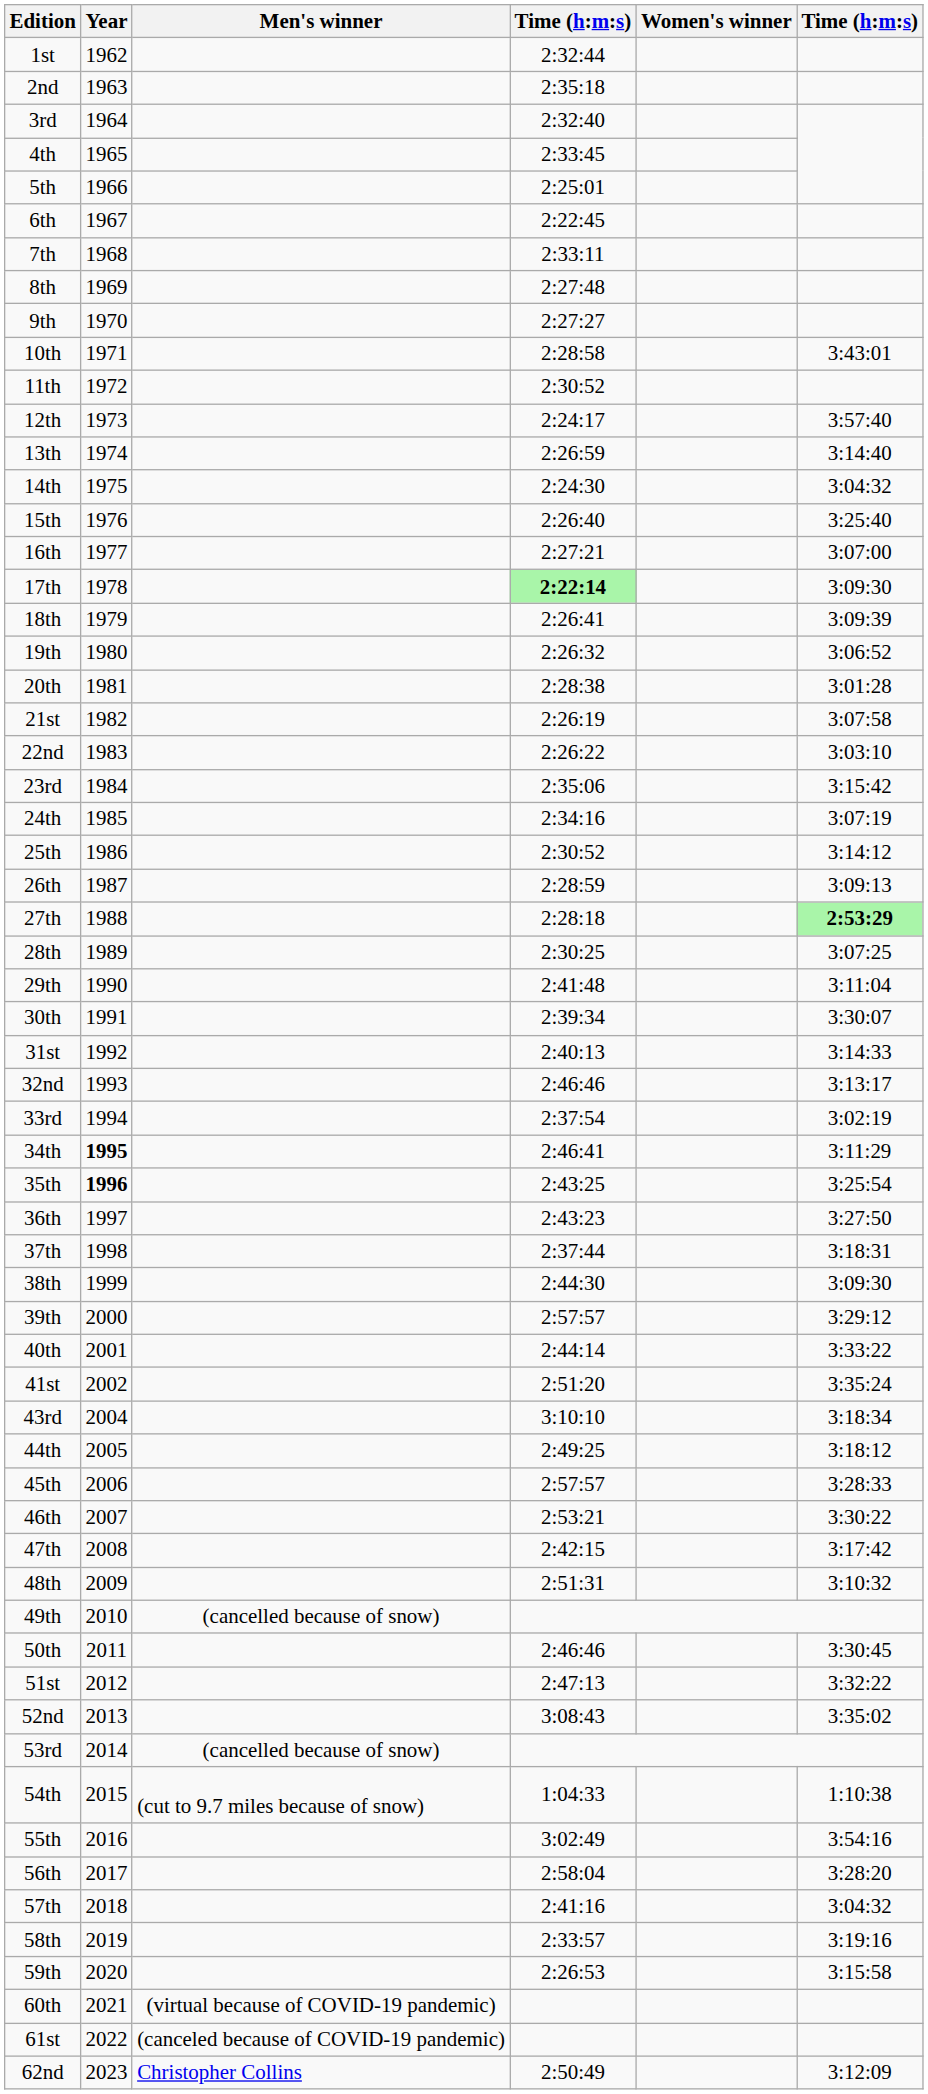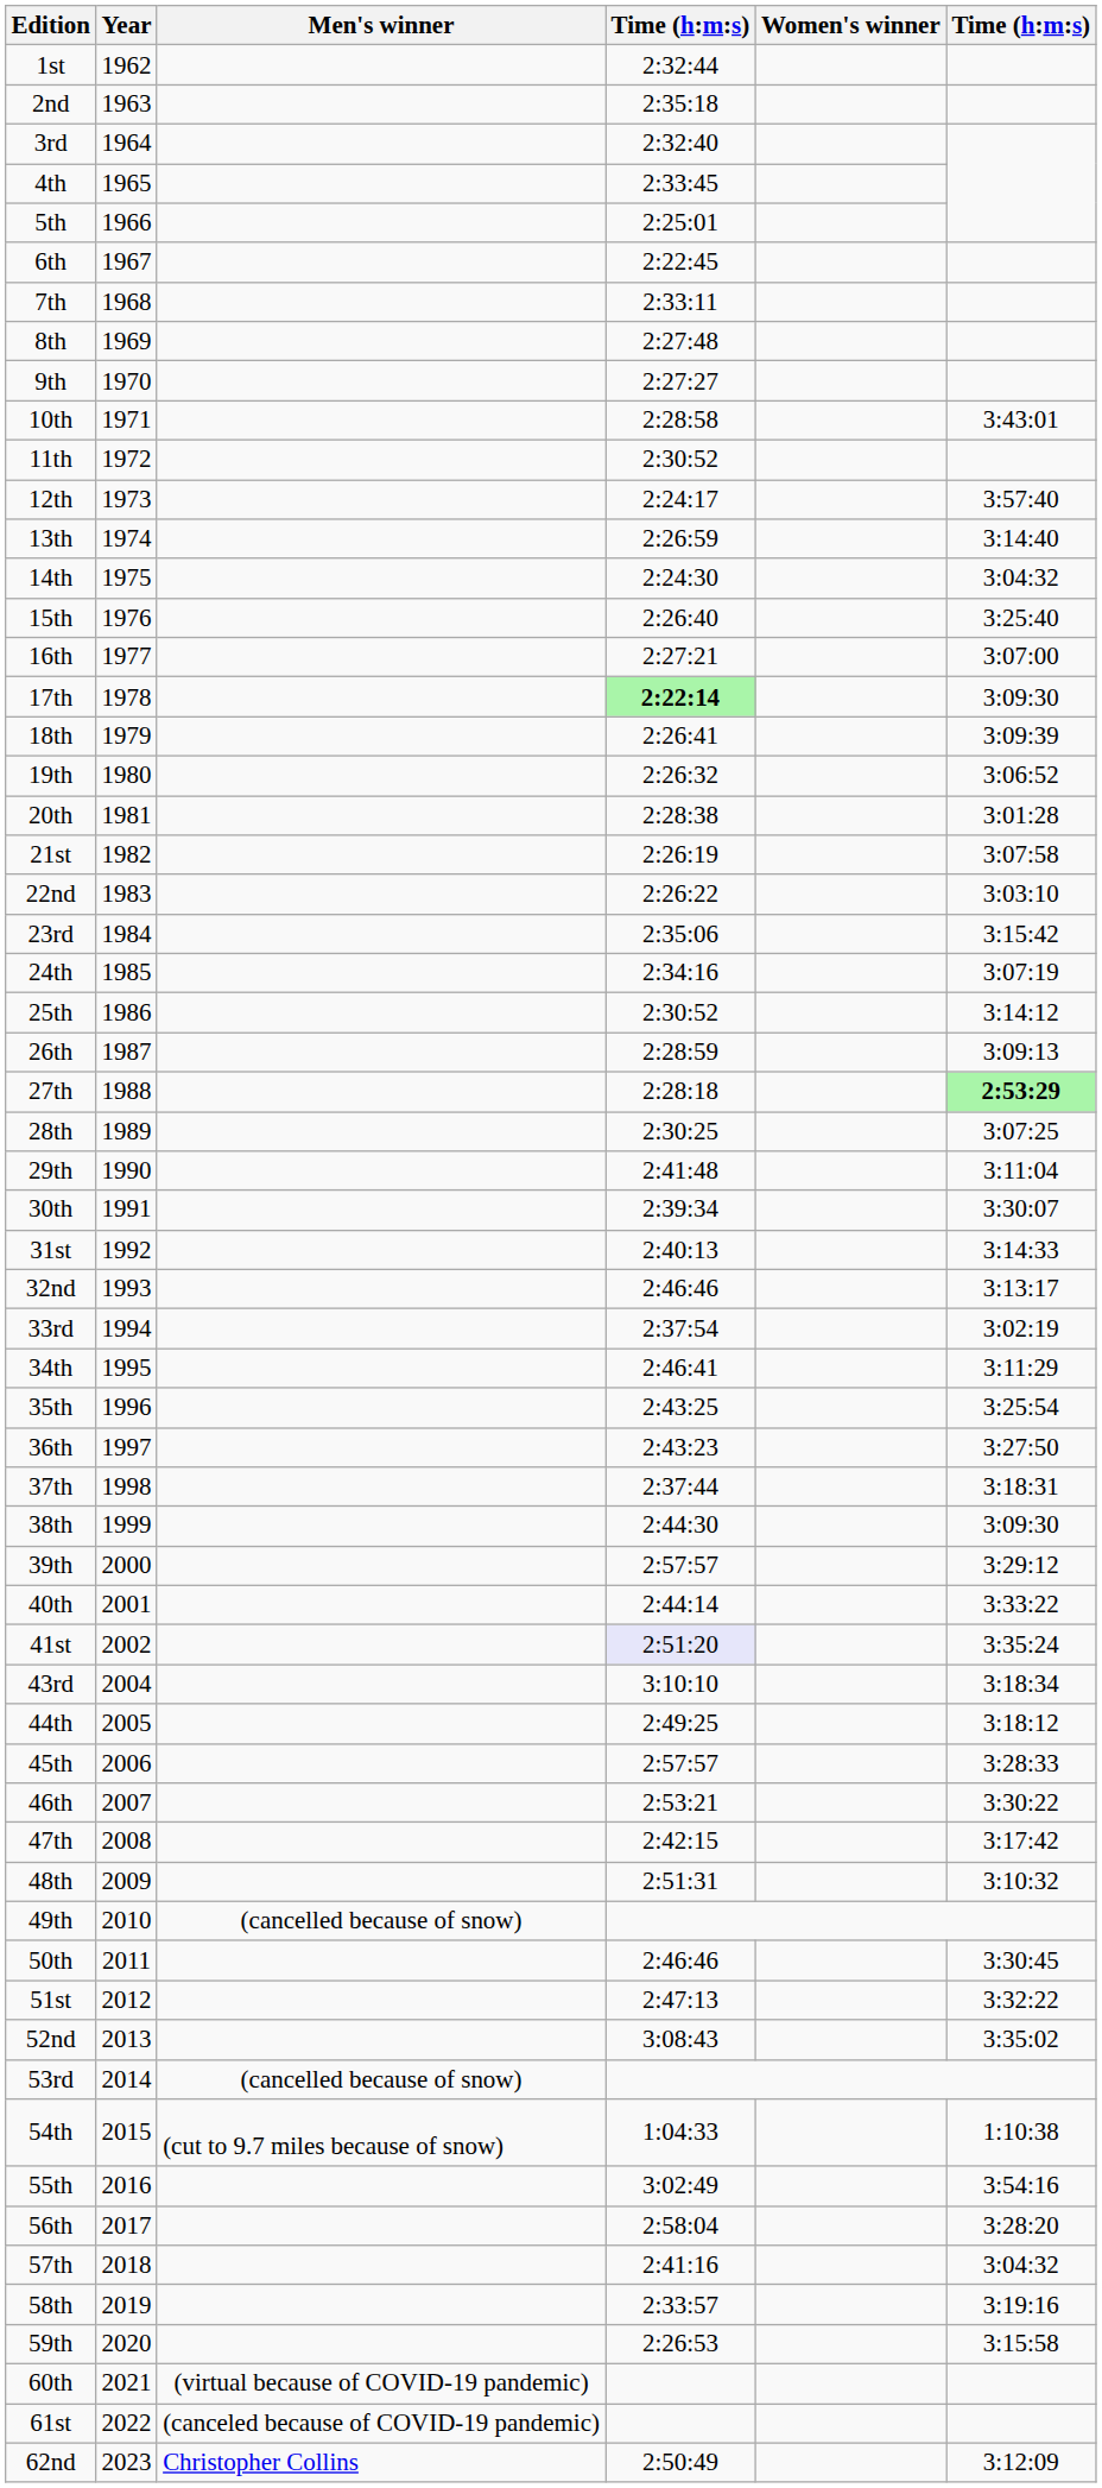 <table class="wikitable sortable" style="text-align:center">
 <tr>
 <th class=unsortable>Edition</th>
 <th>Year</th>
 <th class=unsortable>Men's winner</th>
 <th>Time (<a href='#'>h</a>:<a href='#'>m</a>:<a href='#'>s</a>)</th>
 <th class=unsortable>Women's winner</th>
 <th>Time (<a href='#'>h</a>:<a href='#'>m</a>:<a href='#'>s</a>)</th>
 </tr>
 <tr>
 <td>1st</td>
 <td>1962</td>
 <td align=left></td>
 <td>2:32:44</td>
 <td align=left></td>
 <td></td>
 </tr>
 <tr>
 <td>2nd</td>
 <td>1963</td>
 <td align=left></td>
 <td>2:35:18</td>
 <td align=left></td>
 <td></td>
 </tr>
 <tr>
 <td>3rd</td>
 <td>1964</td>
 <td align=left></td>
 <td>2:32:40</td>
 <td align=left></td>
 </tr>
 <tr>
 <td>4th</td>
 <td>1965</td>
 <td align=left></td>
 <td>2:33:45</td>
 <td align=left></td>
 </tr>
 <tr>
 <td>5th</td>
 <td>1966</td>
 <td align=left></td>
 <td>2:25:01</td>
 <td align=left></td>
 </tr>
 <tr>
 <td>6th</td>
 <td>1967</td>
 <td align=left></td>
 <td>2:22:45</td>
 <td align=left></td>
 <td></td>
 </tr>
 <tr>
 <td>7th</td>
 <td>1968</td>
 <td align=left></td>
 <td>2:33:11</td>
 <td align=left></td>
 <td></td>
 </tr>
 <tr>
 <td>8th</td>
 <td>1969</td>
 <td align=left></td>
 <td>2:27:48</td>
 <td align=left></td>
 <td></td>
 </tr>
 <tr>
 <td>9th</td>
 <td>1970</td>
 <td align=left></td>
 <td>2:27:27</td>
 <td align=left></td>
 <td></td>
 </tr>
 <tr>
 <td>10th</td>
 <td>1971</td>
 <td align=left></td>
 <td>2:28:58</td>
 <td align=left></td>
 <td>3:43:01</td>
 </tr>
 <tr>
 <td>11th</td>
 <td>1972</td>
 <td align=left></td>
 <td>2:30:52</td>
 <td align=left></td>
 <td></td>
 </tr>
 <tr>
 <td>12th</td>
 <td>1973</td>
 <td align=left></td>
 <td>2:24:17</td>
 <td align=left></td>
 <td>3:57:40</td>
 </tr>
 <tr>
 <td>13th</td>
 <td>1974</td>
 <td align=left></td>
 <td>2:26:59</td>
 <td align=left></td>
 <td>3:14:40</td>
 </tr>
 <tr>
 <td>14th</td>
 <td>1975</td>
 <td align=left></td>
 <td>2:24:30</td>
 <td align=left></td>
 <td>3:04:32</td>
 </tr>
 <tr>
 <td>15th</td>
 <td>1976</td>
 <td align=left></td>
 <td>2:26:40</td>
 <td align=left></td>
 <td>3:25:40</td>
 </tr>
 <tr>
 <td>16th</td>
 <td>1977</td>
 <td align=left></td>
 <td>2:27:21</td>
 <td align=left></td>
 <td>3:07:00</td>
 </tr>
 <tr>
 <td>17th</td>
 <td>1978</td>
 <td align=left></td>
 <td bgcolor=#A9F5A9><strong>2:22:14</strong></td>
 <td align=left></td>
 <td>3:09:30</td>
 </tr>
 <tr>
 <td>18th</td>
 <td>1979</td>
 <td align=left></td>
 <td>2:26:41</td>
 <td align=left></td>
 <td>3:09:39</td>
 </tr>
 <tr>
 <td>19th</td>
 <td>1980</td>
 <td align=left></td>
 <td>2:26:32</td>
 <td align=left></td>
 <td>3:06:52</td>
 </tr>
 <tr>
 <td>20th</td>
 <td>1981</td>
 <td align=left></td>
 <td>2:28:38</td>
 <td align=left></td>
 <td>3:01:28</td>
 </tr>
 <tr>
 <td>21st</td>
 <td>1982</td>
 <td align=left></td>
 <td>2:26:19</td>
 <td align=left></td>
 <td>3:07:58</td>
 </tr>
 <tr>
 <td>22nd</td>
 <td>1983</td>
 <td align=left></td>
 <td>2:26:22</td>
 <td align=left></td>
 <td>3:03:10</td>
 </tr>
 <tr>
 <td>23rd</td>
 <td>1984</td>
 <td align=left></td>
 <td>2:35:06</td>
 <td align=left></td>
 <td>3:15:42</td>
 </tr>
 <tr>
 <td>24th</td>
 <td>1985</td>
 <td align=left></td>
 <td>2:34:16</td>
 <td align=left></td>
 <td>3:07:19</td>
 </tr>
 <tr>
 <td>25th</td>
 <td>1986</td>
 <td align=left></td>
 <td>2:30:52</td>
 <td align=left></td>
 <td>3:14:12</td>
 </tr>
 <tr>
 <td>26th</td>
 <td>1987</td>
 <td align=left></td>
 <td>2:28:59</td>
 <td align=left></td>
 <td>3:09:13</td>
 </tr>
 <tr>
 <td>27th</td>
 <td>1988</td>
 <td align=left></td>
 <td>2:28:18</td>
 <td align=left></td>
 <td bgcolor=#A9F5A9><strong>2:53:29</strong></td>
 </tr>
 <tr>
 <td>28th</td>
 <td>1989</td>
 <td align=left></td>
 <td>2:30:25</td>
 <td align=left></td>
 <td>3:07:25</td>
 </tr>
 <tr>
 <td>29th</td>
 <td>1990</td>
 <td align=left></td>
 <td>2:41:48</td>
 <td align=left></td>
 <td>3:11:04</td>
 </tr>
 <tr>
 <td>30th</td>
 <td>1991</td>
 <td align=left></td>
 <td>2:39:34</td>
 <td align=left></td>
 <td>3:30:07</td>
 </tr>
 <tr>
 <td>31st</td>
 <td>1992</td>
 <td align=left></td>
 <td>2:40:13</td>
 <td align=left></td>
 <td>3:14:33</td>
 </tr>
 <tr>
 <td>32nd</td>
 <td>1993</td>
 <td align=left></td>
 <td>2:46:46</td>
 <td align=left></td>
 <td>3:13:17</td>
 </tr>
 <tr>
 <td>33rd</td>
 <td>1994</td>
 <td align=left></td>
 <td>2:37:54</td>
 <td align=left></td>
 <td>3:02:19</td>
 </tr>
 <tr>
 <td>34th</td>
-<td><strong>1995</strong></td>
+<td>1995</td>
 <td align=left></td>
 <td>2:46:41</td>
 <td align=left></td>
 <td>3:11:29</td>
 </tr>
 <tr>
 <td>35th</td>
-<td><strong>1996</strong></td>
+<td>1996</td>
 <td align=left></td>
 <td>2:43:25</td>
 <td align=left></td>
 <td>3:25:54</td>
 </tr>
 <tr>
 <td>36th</td>
 <td>1997</td>
 <td align=left></td>
 <td>2:43:23</td>
 <td align=left></td>
 <td>3:27:50</td>
 </tr>
 <tr>
 <td>37th</td>
 <td>1998</td>
 <td align=left></td>
 <td>2:37:44</td>
 <td align=left></td>
 <td>3:18:31</td>
 </tr>
 <tr>
 <td>38th</td>
 <td>1999</td>
 <td align=left></td>
 <td>2:44:30</td>
 <td align=left></td>
 <td>3:09:30</td>
 </tr>
 <tr>
 <td>39th</td>
 <td>2000</td>
 <td align=left></td>
 <td>2:57:57</td>
 <td align=left></td>
 <td>3:29:12</td>
 </tr>
 <tr>
 <td>40th</td>
 <td>2001</td>
 <td align=left></td>
 <td>2:44:14</td>
 <td align=left></td>
 <td>3:33:22</td>
 </tr>
 <tr>
 <td>41st</td>
 <td>2002</td>
 <td align=left></td>
-<td>2:51:20</td>
+<td style="background: lavender;">2:51:20</td>
 <td align=left></td>
 <td>3:35:24</td>
 </tr>
 <tr>
 <td>43rd</td>
 <td>2004</td>
 <td align=left></td>
 <td>3:10:10</td>
 <td align=left></td>
 <td>3:18:34</td>
 </tr>
 <tr>
 <td>44th</td>
 <td>2005</td>
 <td align=left></td>
 <td>2:49:25</td>
 <td align=left></td>
 <td>3:18:12</td>
 </tr>
 <tr>
 <td>45th</td>
 <td>2006</td>
 <td align=left></td>
 <td>2:57:57</td>
 <td align=left></td>
 <td>3:28:33</td>
 </tr>
 <tr>
 <td>46th</td>
 <td>2007</td>
 <td align=left></td>
 <td>2:53:21</td>
 <td align=left></td>
 <td>3:30:22</td>
 </tr>
 <tr>
 <td>47th</td>
 <td>2008</td>
 <td align=left></td>
 <td>2:42:15</td>
 <td align=left></td>
 <td>3:17:42</td>
 </tr>
 <tr>
 <td>48th</td>
 <td>2009</td>
 <td align=left></td>
 <td>2:51:31</td>
 <td align=left></td>
 <td>3:10:32</td>
 </tr>
 <tr>
 <td>49th</td>
 <td>2010</td>
 <td>(cancelled because of snow)</td>
 </tr>
 <tr>
 <td>50th</td>
 <td>2011</td>
 <td align=left></td>
 <td>2:46:46</td>
 <td align=left></td>
 <td>3:30:45</td>
 </tr>
 <tr>
 <td>51st</td>
 <td>2012</td>
 <td align=left></td>
 <td>2:47:13</td>
 <td align=left></td>
 <td>3:32:22</td>
 </tr>
 <tr>
 <td>52nd</td>
 <td>2013</td>
 <td align=left></td>
 <td>3:08:43</td>
 <td align=left></td>
 <td>3:35:02</td>
 </tr>
 <tr>
 <td>53rd</td>
 <td>2014</td>
 <td>(cancelled because of snow)</td>
 </tr>
 <tr>
 <td>54th</td>
 <td>2015</td>
 <td align=left><br>(cut to 9.7 miles because of snow)</td>
 <td>1:04:33</td>
 <td align=left></td>
 <td>1:10:38</td>
 </tr>
 <tr>
 <td>55th</td>
 <td>2016</td>
 <td align=left></td>
 <td>3:02:49</td>
 <td align=left></td>
 <td>3:54:16</td>
 </tr>
 <tr>
 <td>56th</td>
 <td>2017</td>
 <td align=left></td>
 <td>2:58:04</td>
 <td align=left></td>
 <td>3:28:20</td>
 </tr>
 <tr>
 <td>57th</td>
 <td>2018</td>
 <td align=left></td>
 <td>2:41:16</td>
 <td align=left></td>
 <td>3:04:32</td>
 </tr>
 <tr>
 <td>58th</td>
 <td>2019</td>
 <td align=left></td>
 <td>2:33:57</td>
 <td align=left></td>
 <td>3:19:16</td>
 </tr>
 <tr>
 <td>59th</td>
 <td>2020</td>
 <td align=left></td>
 <td>2:26:53</td>
 <td align=left></td>
 <td>3:15:58</td>
 </tr>
 <tr>
 <td>60th</td>
 <td>2021</td>
 <td>(virtual because of COVID-19 pandemic)</td>
 <td></td>
 <td></td>
 <td></td>
 </tr>
 <tr>
 <td>61st</td>
 <td>2022</td>
 <td>(canceled because of COVID-19 pandemic)</td>
 <td></td>
 <td></td>
 <td></td>
 </tr>
 <tr>
 <td>62nd</td>
 <td>2023</td>
 <td align=left><a href='#'>Christopher Collins</a></td>
 <td>2:50:49</td>
 <td align=left></td>
 <td>3:12:09</td>
 </tr>
 </table>
